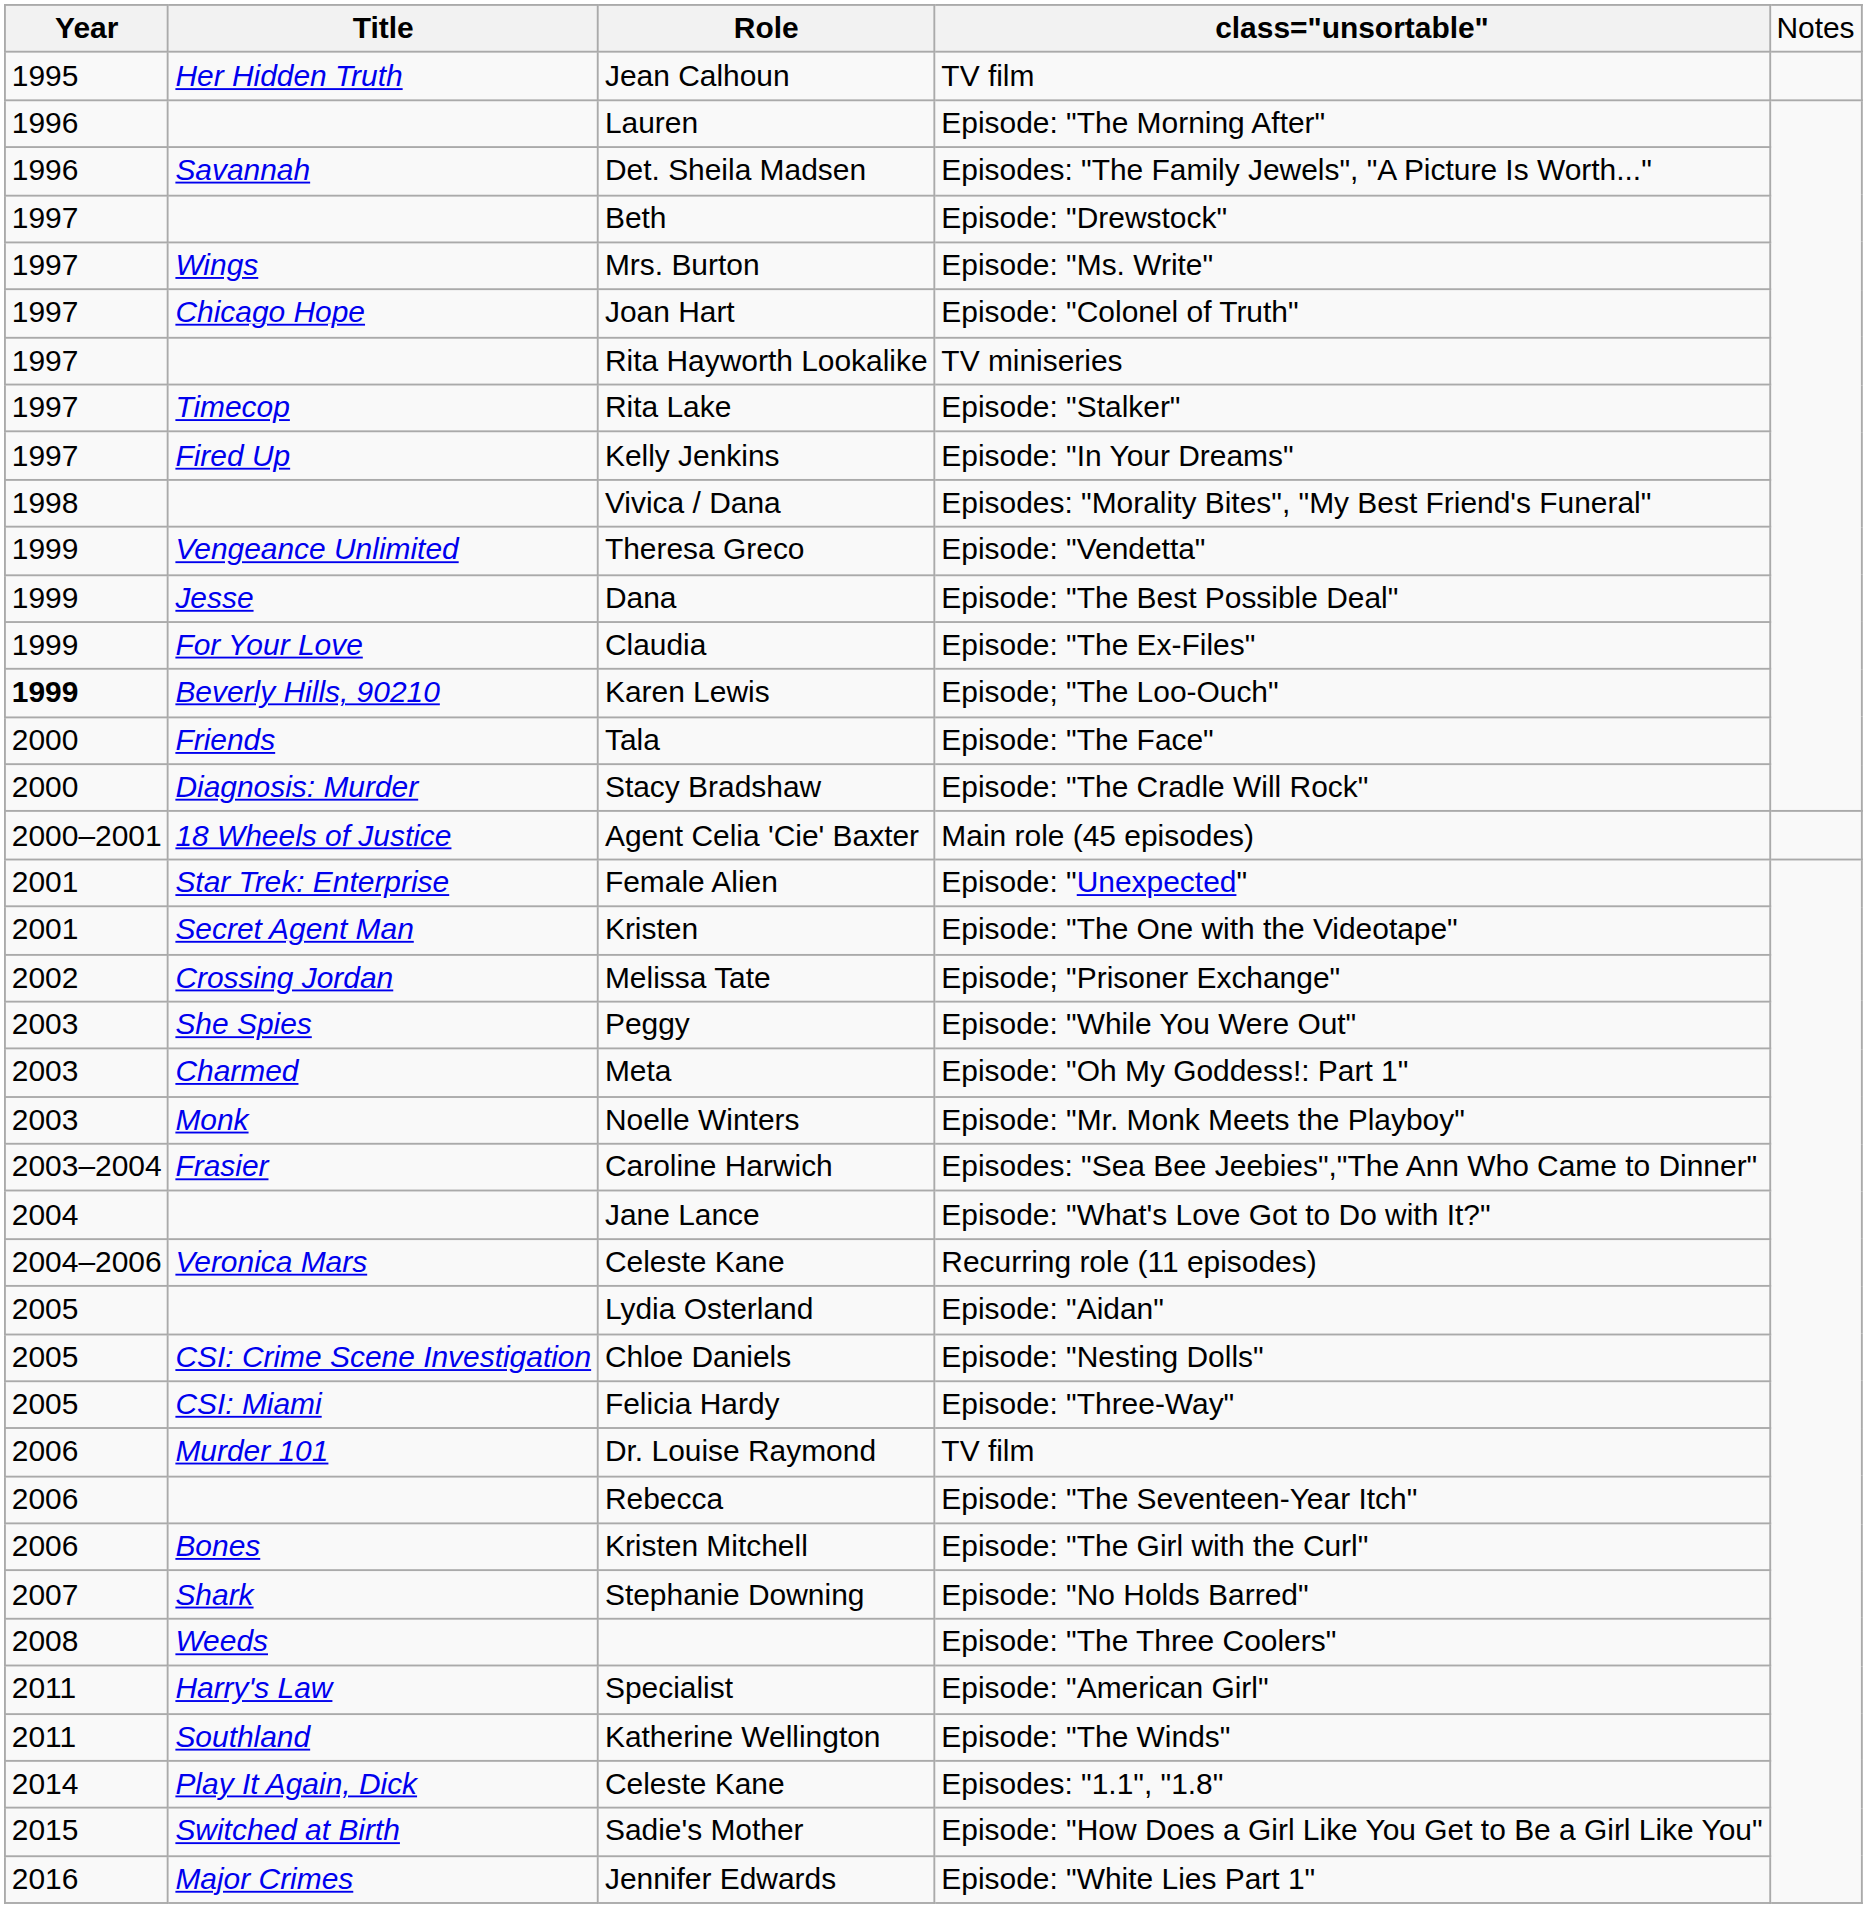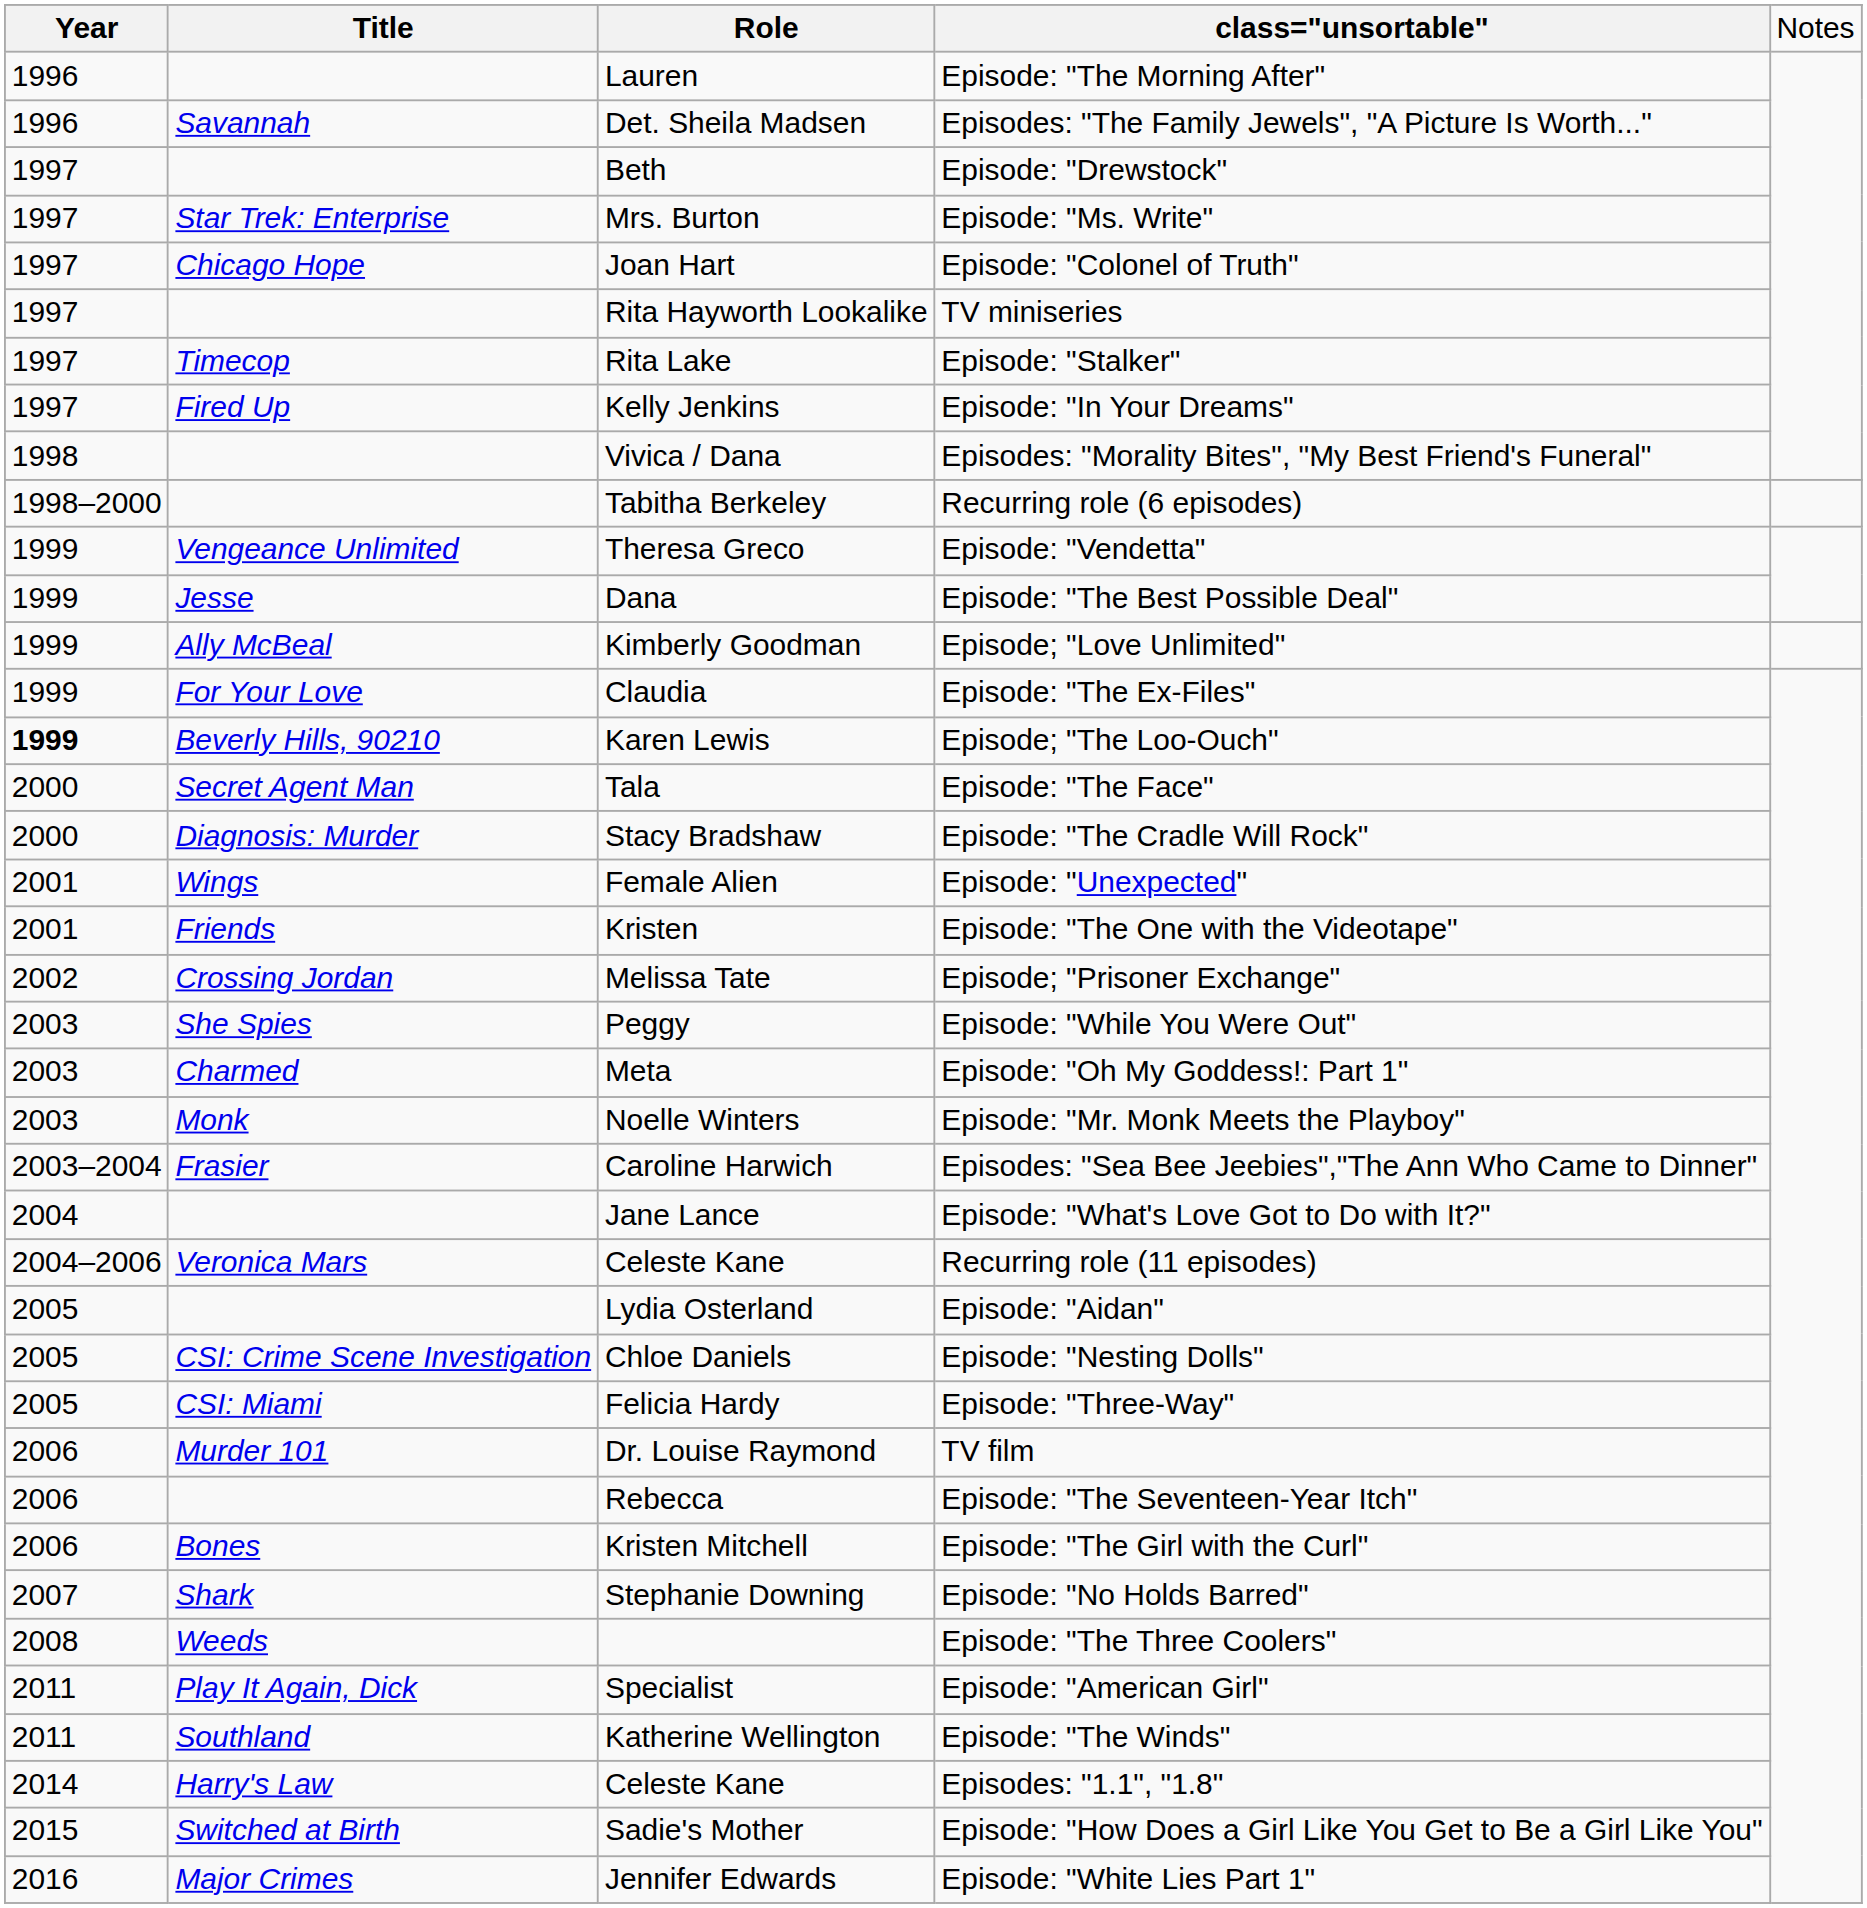 <table class="wikitable sortable">
 <tr>
 <th>Year</th>
 <th>Title</th>
 <th>Role</th>
 <th>class="unsortable"</th>
 <td>Notes</td>
-</tr>
-<tr>
-<td>1995</td>
-<td><em><a href='#'>Her Hidden Truth</a></em></td>
-<td>Jean Calhoun</td>
-<td>TV film</td>
-<td></td>
 </tr>
 <tr>
 <td>1996</td>
 <td><em></em></td>
 <td>Lauren</td>
 <td>Episode: "The Morning After"</td>
 </tr>
 <tr>
 <td>1996</td>
 <td><em><a href='#'>Savannah</a></em></td>
 <td>Det. Sheila Madsen</td>
 <td>Episodes: "The Family Jewels", "A Picture Is Worth..."</td>
 </tr>
 <tr>
 <td>1997</td>
 <td><em></em></td>
 <td>Beth</td>
 <td>Episode: "Drewstock"</td>
 </tr>
 <tr>
 <td>1997</td>
-<td><em><a href='#'>Wings</a></em></td>
+<td><em><a href='#'>Star Trek: Enterprise</a></em></td>
 <td>Mrs. Burton</td>
 <td>Episode: "Ms. Write"</td>
 </tr>
 <tr>
 <td>1997</td>
 <td><em><a href='#'>Chicago Hope</a></em></td>
 <td>Joan Hart</td>
 <td>Episode: "Colonel of Truth"</td>
 </tr>
 <tr>
 <td>1997</td>
 <td><em></em></td>
 <td>Rita Hayworth Lookalike</td>
 <td>TV miniseries</td>
 </tr>
 <tr>
 <td>1997</td>
 <td><em><a href='#'>Timecop</a></em></td>
 <td>Rita Lake</td>
 <td>Episode: "Stalker"</td>
 </tr>
 <tr>
 <td>1997</td>
 <td><em><a href='#'>Fired Up</a></em></td>
 <td>Kelly Jenkins</td>
 <td>Episode: "In Your Dreams"</td>
 </tr>
 <tr>
 <td>1998</td>
 <td><em></em></td>
 <td>Vivica / Dana</td>
 <td>Episodes: "Morality Bites", "My Best Friend's Funeral"</td>
 </tr>
 <tr>
+<td>1998–2000</td>
+<td><em></em></td>
+<td>Tabitha Berkeley</td>
+<td>Recurring role (6 episodes)</td>
+<td></td>
+</tr>
+<tr>
 <td>1999</td>
 <td><em><a href='#'>Vengeance Unlimited</a></em></td>
 <td>Theresa Greco</td>
 <td>Episode: "Vendetta"</td>
 </tr>
 <tr>
 <td>1999</td>
 <td><em><a href='#'>Jesse</a></em></td>
 <td>Dana</td>
 <td>Episode: "The Best Possible Deal"</td>
+</tr>
+<tr>
+<td>1999</td>
+<td><em><a href='#'>Ally McBeal</a></em></td>
+<td>Kimberly Goodman</td>
+<td>Episode; "Love Unlimited"</td>
+<td></td>
 </tr>
 <tr>
 <td>1999</td>
 <td><em><a href='#'>For Your Love</a></em></td>
 <td>Claudia</td>
 <td>Episode: "The Ex-Files"</td>
 </tr>
 <tr>
 <td><strong>1999</strong></td>
 <td><em><a href='#'>Beverly Hills, 90210</a></em></td>
 <td>Karen Lewis</td>
 <td>Episode; "The Loo-Ouch"</td>
 </tr>
 <tr>
 <td>2000</td>
-<td><em><a href='#'>Friends</a></em></td>
+<td><em><a href='#'>Secret Agent Man</a></em></td>
 <td>Tala</td>
 <td>Episode: "The Face"</td>
 </tr>
 <tr>
 <td>2000</td>
 <td><em><a href='#'>Diagnosis: Murder</a></em></td>
 <td>Stacy Bradshaw</td>
 <td>Episode: "The Cradle Will Rock"</td>
 </tr>
 <tr>
-<td>2000–2001</td>
-<td><em><a href='#'>18 Wheels of Justice</a></em></td>
-<td>Agent Celia 'Cie' Baxter</td>
-<td>Main role (45 episodes)</td>
-<td></td>
-</tr>
-<tr>
 <td>2001</td>
-<td><em><a href='#'>Star Trek: Enterprise</a></em></td>
+<td><em><a href='#'>Wings</a></em></td>
 <td>Female Alien</td>
 <td>Episode: "<a href='#'>Unexpected</a>"</td>
 </tr>
 <tr>
 <td>2001</td>
-<td><em><a href='#'>Secret Agent Man</a></em></td>
+<td><em><a href='#'>Friends</a></em></td>
 <td>Kristen</td>
 <td>Episode: "The One with the Videotape"</td>
 </tr>
 <tr>
 <td>2002</td>
 <td><em><a href='#'>Crossing Jordan</a></em></td>
 <td>Melissa Tate</td>
 <td>Episode; "Prisoner Exchange"</td>
 </tr>
 <tr>
 <td>2003</td>
 <td><em><a href='#'>She Spies</a></em></td>
 <td>Peggy</td>
 <td>Episode: "While You Were Out"</td>
 </tr>
 <tr>
 <td>2003</td>
 <td><em><a href='#'>Charmed</a></em></td>
 <td>Meta</td>
 <td>Episode: "Oh My Goddess!: Part 1"</td>
 </tr>
 <tr>
 <td>2003</td>
 <td><em><a href='#'>Monk</a></em></td>
 <td>Noelle Winters</td>
 <td>Episode: "Mr. Monk Meets the Playboy"</td>
 </tr>
 <tr>
 <td>2003–2004</td>
 <td><em><a href='#'>Frasier</a></em></td>
 <td>Caroline Harwich</td>
 <td>Episodes: "Sea Bee Jeebies","The Ann Who Came to Dinner"</td>
 </tr>
 <tr>
 <td>2004</td>
 <td><em></em></td>
 <td>Jane Lance</td>
 <td>Episode: "What's Love Got to Do with It?"</td>
 </tr>
 <tr>
 <td>2004–2006</td>
 <td><em><a href='#'>Veronica Mars</a></em></td>
 <td>Celeste Kane</td>
 <td>Recurring role (11 episodes)</td>
 </tr>
 <tr>
 <td>2005</td>
 <td><em></em></td>
 <td>Lydia Osterland</td>
 <td>Episode: "Aidan"</td>
 </tr>
 <tr>
 <td>2005</td>
 <td><em><a href='#'>CSI: Crime Scene Investigation</a></em></td>
 <td>Chloe Daniels</td>
 <td>Episode: "Nesting Dolls"</td>
 </tr>
 <tr>
 <td>2005</td>
 <td><em><a href='#'>CSI: Miami</a></em></td>
 <td>Felicia Hardy</td>
 <td>Episode: "Three-Way"</td>
 </tr>
 <tr>
 <td>2006</td>
 <td><em><a href='#'>Murder 101</a></em></td>
 <td>Dr. Louise Raymond</td>
 <td>TV film</td>
 </tr>
 <tr>
 <td>2006</td>
 <td><em></em></td>
 <td>Rebecca</td>
 <td>Episode: "The Seventeen-Year Itch"</td>
 </tr>
 <tr>
 <td>2006</td>
 <td><em><a href='#'>Bones</a></em></td>
 <td>Kristen Mitchell</td>
 <td>Episode: "The Girl with the Curl"</td>
 </tr>
 <tr>
 <td>2007</td>
 <td><em><a href='#'>Shark</a></em></td>
 <td>Stephanie Downing</td>
 <td>Episode: "No Holds Barred"</td>
 </tr>
 <tr>
 <td>2008</td>
 <td><em><a href='#'>Weeds</a></em></td>
 <td></td>
 <td>Episode: "The Three Coolers"</td>
 </tr>
 <tr>
 <td>2011</td>
-<td><em><a href='#'>Harry's Law</a></em></td>
+<td><em><a href='#'>Play It Again, Dick</a></em></td>
 <td>Specialist</td>
 <td>Episode: "American Girl"</td>
 </tr>
 <tr>
 <td>2011</td>
 <td><em><a href='#'>Southland</a></em></td>
 <td>Katherine Wellington</td>
 <td>Episode: "The Winds"</td>
 </tr>
 <tr>
 <td>2014</td>
-<td><em><a href='#'>Play It Again, Dick</a></em></td>
+<td><em><a href='#'>Harry's Law</a></em></td>
 <td>Celeste Kane</td>
 <td>Episodes: "1.1", "1.8"</td>
 </tr>
 <tr>
 <td>2015</td>
 <td><em><a href='#'>Switched at Birth</a></em></td>
 <td>Sadie's Mother</td>
 <td>Episode: "How Does a Girl Like You Get to Be a Girl Like You"</td>
 </tr>
 <tr>
 <td>2016</td>
 <td><em><a href='#'>Major Crimes</a></em></td>
 <td>Jennifer Edwards</td>
 <td>Episode: "White Lies Part 1"</td>
 </tr>
 </table>
